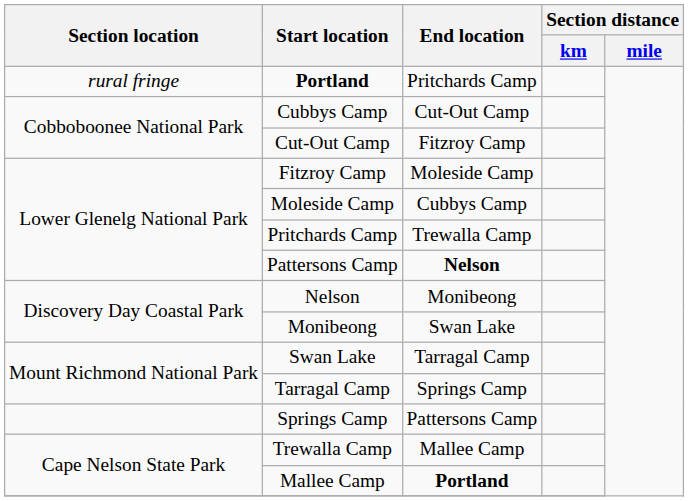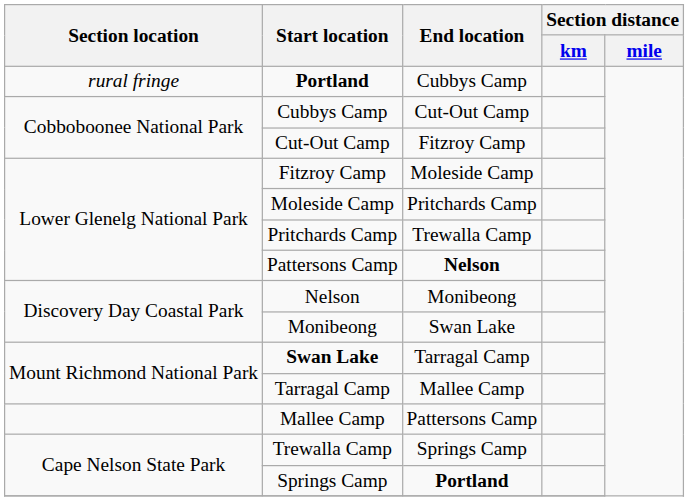 <table class="wikitable sortable plainrowheaders" style="text-align:center;">
 <tr>
 <th scope="col" rowspan="2">Section location</th>
 <th scope="col" rowspan="2">Start location</th>
 <th scope="col" rowspan="2">End location</th>
 <th scope="col" colspan="2">Section distance</th>
 </tr>
 <tr>
 <th scope="col"><a href='#'>km</a></th>
 <th scope="col"><a href='#'>mile</a></th>
 </tr>
 <tr>
 <td scope="row"><em>rural fringe</em></td>
 <td><strong>Portland</strong></td>
-<td>Pritchards Camp</td>
+<td>Cubbys Camp</td>
 <td></td>
 </tr>
 <tr>
 <td scope="row" rowspan="2">Cobboboonee National Park</td>
 <td>Cubbys Camp</td>
 <td>Cut-Out Camp</td>
 <td></td>
 </tr>
 <tr>
 <td scope="row">Cut-Out Camp</td>
 <td>Fitzroy Camp</td>
 <td></td>
 </tr>
 <tr>
 <td scope="row" rowspan="4">Lower Glenelg National Park</td>
 <td>Fitzroy Camp</td>
 <td>Moleside Camp</td>
 <td></td>
 </tr>
 <tr>
 <td scope="row">Moleside Camp</td>
-<td>Cubbys Camp</td>
+<td>Pritchards Camp</td>
 <td></td>
 </tr>
 <tr>
 <td scope="row">Pritchards Camp</td>
 <td>Trewalla Camp</td>
 <td></td>
 </tr>
 <tr>
 <td scope="row">Pattersons Camp</td>
 <td><strong>Nelson</strong></td>
 <td></td>
 </tr>
 <tr>
 <td scope="row" rowspan="2">Discovery Day Coastal Park</td>
 <td>Nelson</td>
 <td>Monibeong</td>
 <td></td>
 </tr>
 <tr>
 <td scope="row">Monibeong</td>
 <td>Swan Lake</td>
 <td></td>
 </tr>
 <tr>
 <td scope="row" rowspan="2">Mount Richmond National Park</td>
-<td>Swan Lake</td>
+<td><strong>Swan Lake</strong></td>
 <td>Tarragal Camp</td>
 <td></td>
 </tr>
 <tr>
 <td scope="row">Tarragal Camp</td>
-<td>Springs Camp</td>
+<td>Mallee Camp</td>
 <td></td>
 </tr>
 <tr>
 <td scope="row"></td>
-<td>Springs Camp</td>
+<td scope="row">Mallee Camp</td>
 <td>Pattersons Camp</td>
 <td></td>
 </tr>
 <tr>
 <td scope="row" rowspan="2">Cape Nelson State Park</td>
 <td>Trewalla Camp</td>
-<td>Mallee Camp</td>
+<td>Springs Camp</td>
 <td></td>
 </tr>
 <tr>
-<td scope="row">Mallee Camp</td>
+<td>Springs Camp</td>
 <td><strong>Portland</strong></td>
 <td></td>
 </tr>
 <tr>
 </tr>
 </table>
